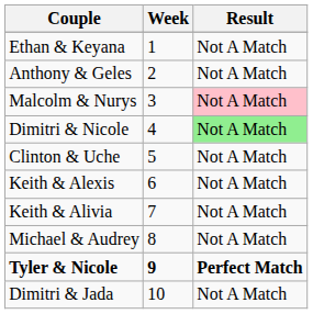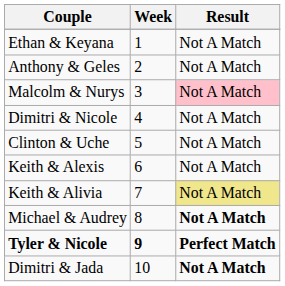 <table class="wikitable">
 <tr valign="bottom">
 <th>Couple</th>
 <th>Week</th>
 <th>Result</th>
 </tr>
 <tr valign="top">
 </tr>
 <tr>
 <td>Ethan & Keyana</td>
 <td>1</td>
 <td>Not A Match</td>
 </tr>
 <tr>
 <td>Anthony & Geles</td>
 <td>2</td>
 <td>Not A Match</td>
 </tr>
 <tr>
 <td>Malcolm & Nurys</td>
 <td>3</td>
 <td style="background: pink;">Not A Match</td>
 </tr>
 <tr>
 <td>Dimitri & Nicole</td>
 <td>4</td>
-<td style="background: lightgreen;">Not A Match</td>
+<td>Not A Match</td>
 </tr>
 <tr>
 <td>Clinton & Uche</td>
 <td>5</td>
 <td>Not A Match</td>
 </tr>
 <tr>
 <td>Keith & Alexis</td>
 <td>6</td>
 <td>Not A Match</td>
 </tr>
 <tr>
 <td>Keith & Alivia</td>
 <td>7</td>
-<td>Not A Match</td>
+<td style="background: khaki;">Not A Match</td>
 </tr>
 <tr>
 <td>Michael & Audrey</td>
 <td>8</td>
-<td>Not A Match</td>
+<td><strong>Not A Match</strong></td>
 </tr>
 <tr>
 <td><strong>Tyler & Nicole</strong></td>
 <td><strong>9</strong></td>
 <td><strong>Perfect Match</strong></td>
 </tr>
 <tr>
 <td>Dimitri & Jada</td>
 <td>10</td>
-<td>Not A Match</td>
+<td><strong>Not A Match</strong></td>
 </tr>
 </table>
